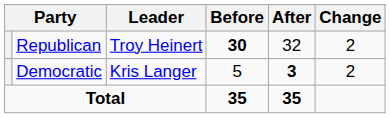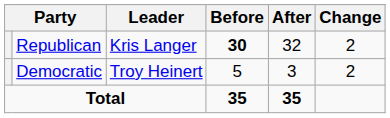 <table class="wikitable" style="text-align:center;">
 <tr>
 </tr>
 <tr>
 <th colspan=2>Party</th>
 <th>Leader</th>
 <th>Before</th>
 <th>After</th>
 <th>Change</th>
 </tr>
 <tr>
 <th style="background-color:"></th>
 <td style="text-align:left;"><a href='#'>Republican</a></td>
-<td style="text-align:left;"><a href='#'>Troy Heinert</a></td>
+<td style="text-align:left;"><a href='#'>Kris Langer</a></td>
 <td><strong>30</strong></td>
 <td>32</td>
 <td> 2</td>
 </tr>
 <tr>
 <th style="background-color:"></th>
 <td style="text-align:left;"><a href='#'>Democratic</a></td>
-<td style="text-align:left;"><a href='#'>Kris Langer</a></td>
+<td style="text-align:left;"><a href='#'>Troy Heinert</a></td>
 <td>5</td>
-<td><strong>3</strong></td>
+<td>3</td>
 <td> 2</td>
 </tr>
 <tr>
 <td colspan=3><strong>Total</strong></td>
 <td><strong>35</strong></td>
 <td><strong>35</strong></td>
 <td></td>
 </tr>
 </table>
